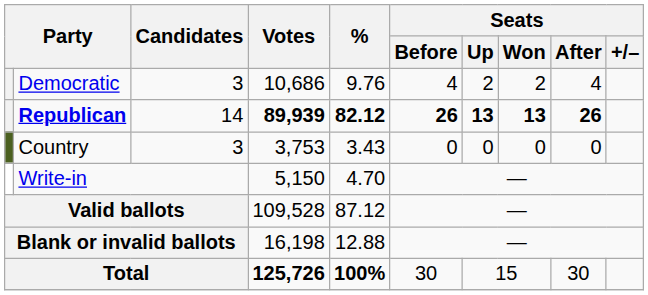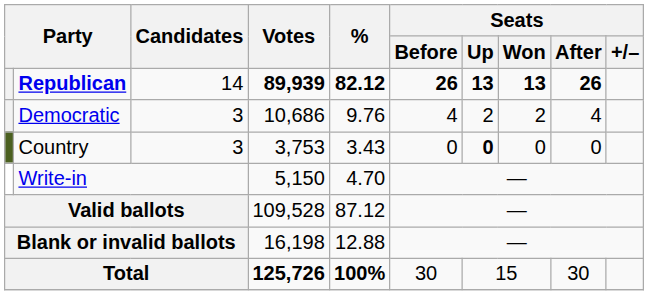 <table class="wikitable">
 <tr>
 <th rowspan="2" colspan="2">Party</th>
 <th rowspan="2">Candidates</th>
 <th rowspan="2">Votes</th>
 <th rowspan="2">%</th>
 <th colspan="5">Seats</th>
 </tr>
 <tr>
 <th>Before<br></th>
 <th>Up</th>
 <th>Won</th>
 <th>After<br></th>
 <th>+/–</th>
 </tr>
 <tr>
 <th style="background-color:"></th>
+<td><strong><a href='#'>Republican</a></strong></td>
+<td align="right">14</td>
+<td align="right"><strong>89,939</strong></td>
+<td align="right"><strong>82.12</strong></td>
+<td align="right"><strong>26</strong></td>
+<td align="right"><strong>13</strong></td>
+<td align="right"><strong>13</strong></td>
+<td align="right"><strong>26</strong></td>
+<td align="right"></td>
+</tr>
+<tr>
+<th style="background-color:"></th>
 <td><a href='#'>Democratic</a></td>
 <td align="right">3</td>
 <td align="right">10,686</td>
 <td align="right">9.76</td>
 <td align="right">4</td>
 <td align="right">2</td>
 <td align="right">2</td>
 <td align="right">4</td>
 <td align="right"></td>
 </tr>
 <tr>
-<th style="background-color:"></th>
-<td><strong><a href='#'>Republican</a></strong></td>
-<td align="right">14</td>
-<td align="right"><strong>89,939</strong></td>
-<td align="right"><strong>82.12</strong></td>
-<td align="right"><strong>26</strong></td>
-<td align="right"><strong>13</strong></td>
-<td align="right"><strong>13</strong></td>
-<td align="right"><strong>26</strong></td>
-<td align="right"></td>
-</tr>
-<tr>
 <th style="background-color:#4B6020"></th>
 <td>Country</td>
 <td align="right">3</td>
 <td align="right">3,753</td>
 <td align="right">3.43</td>
 <td align="right">0</td>
-<td align="right">0</td>
+<td align="right"><strong>0</strong></td>
 <td align="right">0</td>
 <td align="right">0</td>
 <td align="right"></td>
 </tr>
 <tr>
 <th style="background-color:#ffffff"></th>
 <td colspan=2><a href='#'>Write-in</a></td>
 <td align="right">5,150</td>
 <td align="right">4.70</td>
 <td align="center" colspan="5">—</td>
 </tr>
 <tr>
 <th colspan="3">Valid ballots</th>
 <td align="right">109,528</td>
 <td align="right">87.12</td>
 <td align="center" colspan="5">—</td>
 </tr>
 <tr>
 <th colspan="3">Blank or invalid ballots</th>
 <td align="right">16,198</td>
 <td align="right">12.88</td>
 <td align="center" colspan="5">—</td>
 </tr>
 <tr>
 <th colspan="3">Total</th>
 <td align="right"><strong>125,726</strong></td>
 <td align="right"><strong>100%</strong></td>
 <td align="center">30</td>
 <td colspan="2" align="center">15</td>
 <td align="center">30</td>
 <td align="right"></td>
 </tr>
 <tr>
 </tr>
 </table>
